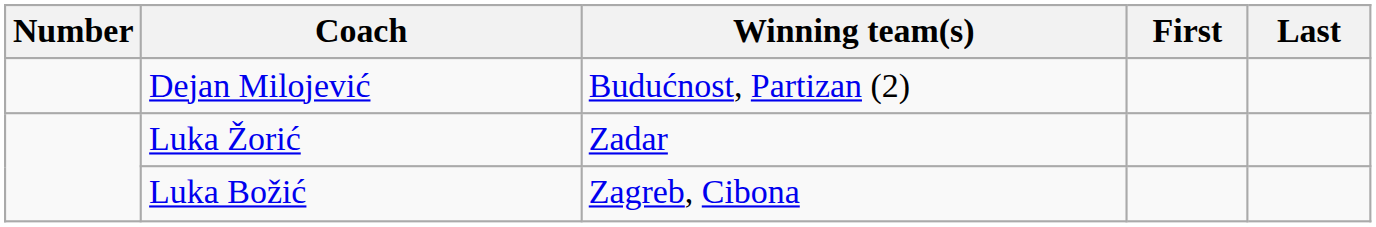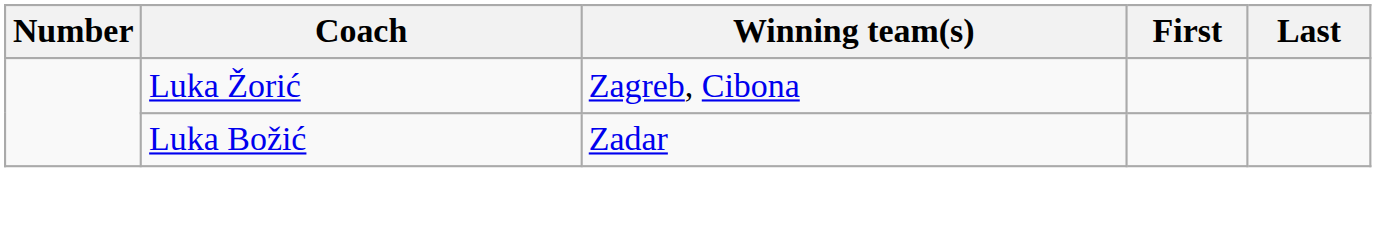 <table class="wikitable">
 <tr>
 <th>Number</th>
 <th style="width:200px">Coach</th>
 <th style="width:250px">Winning team(s)</th>
 <th style="width:50px">First</th>
 <th style="width:50px">Last</th>
 </tr>
 <tr>
-<td></td>
-<td> <a href='#'>Dejan Milojević</a></td>
-<td><a href='#'>Budućnost</a>, <a href='#'>Partizan</a> (2)</td>
-<td></td>
-<td></td>
-</tr>
-<tr>
 <td rowspan=2></td>
 <td> <a href='#'>Luka Žorić</a></td>
-<td><a href='#'>Zadar</a></td>
+<td><a href='#'>Zagreb</a>, <a href='#'>Cibona</a></td>
 <td></td>
 <td></td>
 </tr>
 <tr>
 <td> <a href='#'>Luka Božić</a></td>
-<td><a href='#'>Zagreb</a>, <a href='#'>Cibona</a></td>
+<td><a href='#'>Zadar</a></td>
 <td></td>
 <td></td>
 </tr>
 </table>
